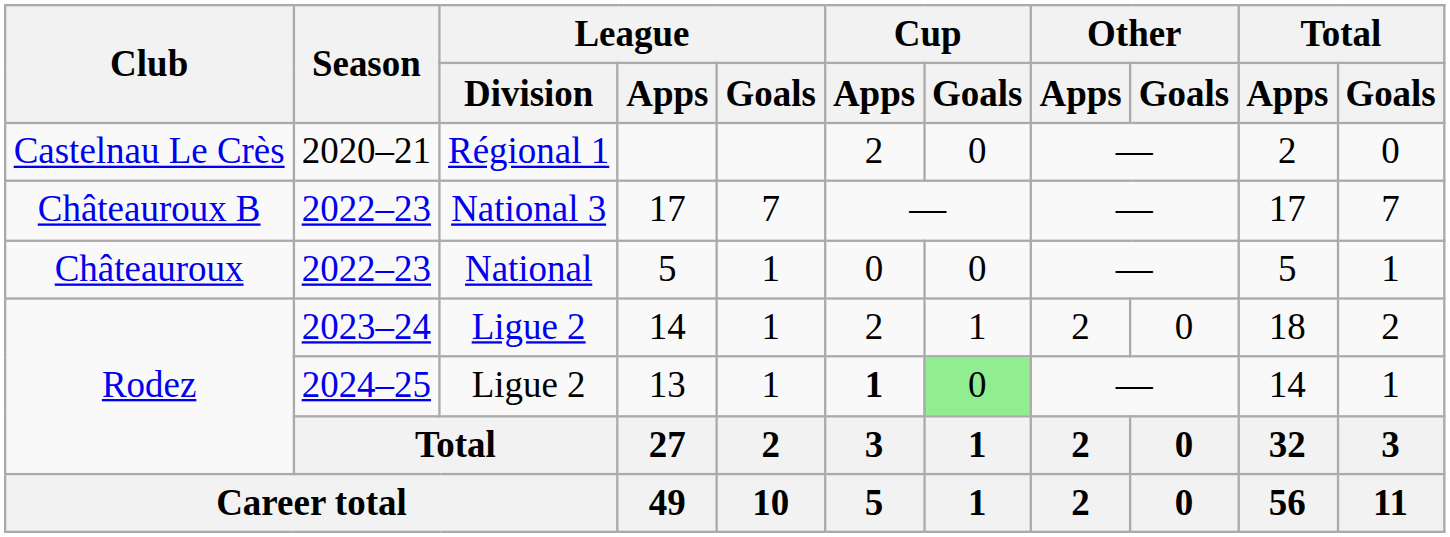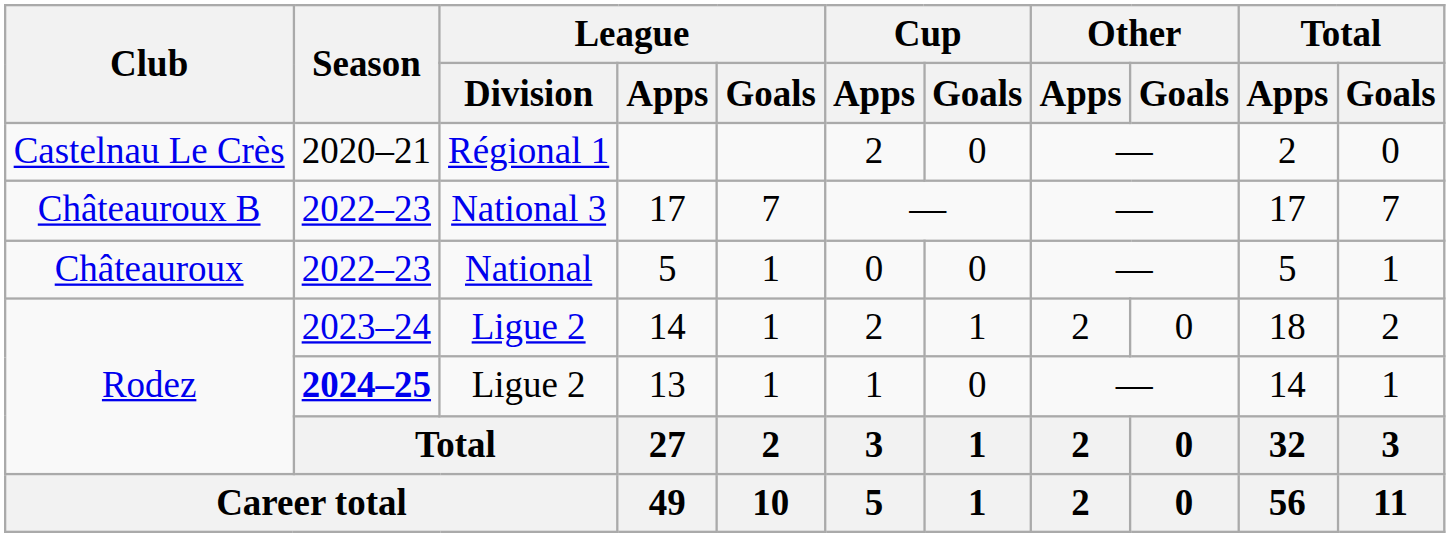 <table class="wikitable" style="text-align:center">
 <tr>
 <th rowspan="2">Club</th>
 <th rowspan="2">Season</th>
 <th colspan="3">League</th>
 <th colspan="2">Cup</th>
 <th colspan="2">Other</th>
 <th colspan="2">Total</th>
 </tr>
 <tr>
 <th>Division</th>
 <th>Apps</th>
 <th>Goals</th>
 <th>Apps</th>
 <th>Goals</th>
 <th>Apps</th>
 <th>Goals</th>
 <th>Apps</th>
 <th>Goals</th>
 </tr>
 <tr>
 <td><a href='#'>Castelnau Le Crès</a></td>
 <td>2020–21</td>
 <td><a href='#'>Régional 1</a></td>
 <td></td>
 <td></td>
 <td>2</td>
 <td>0</td>
 <td colspan="2">—</td>
 <td>2</td>
 <td>0</td>
 </tr>
 <tr>
 <td><a href='#'>Châteauroux B</a></td>
 <td><a href='#'>2022–23</a></td>
 <td><a href='#'>National 3</a></td>
 <td>17</td>
 <td>7</td>
 <td colspan="2">—</td>
 <td colspan="2">—</td>
 <td>17</td>
 <td>7</td>
 </tr>
 <tr>
 <td><a href='#'>Châteauroux</a></td>
 <td><a href='#'>2022–23</a></td>
 <td><a href='#'>National</a></td>
 <td>5</td>
 <td>1</td>
 <td>0</td>
 <td>0</td>
 <td colspan="2">—</td>
 <td>5</td>
 <td>1</td>
 </tr>
 <tr>
 <td rowspan="3"><a href='#'>Rodez</a></td>
 <td><a href='#'>2023–24</a></td>
 <td><a href='#'>Ligue 2</a></td>
 <td>14</td>
 <td>1</td>
 <td>2</td>
 <td>1</td>
 <td>2</td>
 <td>0</td>
 <td>18</td>
 <td>2</td>
 </tr>
 <tr>
-<td><a href='#'>2024–25</a></td>
+<td><strong><a href='#'>2024–25</a></strong></td>
 <td>Ligue 2</td>
 <td>13</td>
 <td>1</td>
-<td><strong>1</strong></td>
-<td style="background: lightgreen;">0</td>
+<td>1</td>
+<td>0</td>
 <td colspan="2">—</td>
 <td>14</td>
 <td>1</td>
 </tr>
 <tr>
 <th colspan="2">Total</th>
 <th>27</th>
 <th>2</th>
 <th>3</th>
 <th>1</th>
 <th>2</th>
 <th>0</th>
 <th>32</th>
 <th>3</th>
 </tr>
 <tr>
 <th colspan="3">Career total</th>
 <th>49</th>
 <th>10</th>
 <th>5</th>
 <th>1</th>
 <th>2</th>
 <th>0</th>
 <th>56</th>
 <th>11</th>
 </tr>
 </table>
